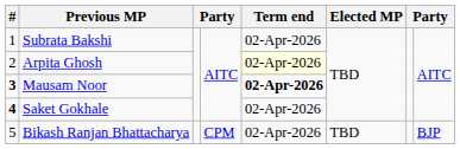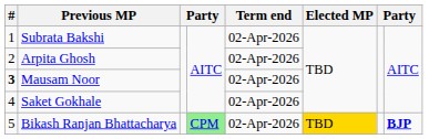 <table class="wikitable sortable">
 <tr>
 <th>#</th>
 <th>Previous MP</th>
 <th colspan="2">Party</th>
 <th>Term end</th>
 <th>Elected MP</th>
 <th colspan="2">Party</th>
 </tr>
 <tr>
 <td>1</td>
 <td><a href='#'>Subrata Bakshi</a></td>
 <td rowspan=4></td>
 <td rowspan=4><a href='#'>AITC</a></td>
 <td>02-Apr-2026</td>
 <td rowspan=4>TBD</td>
 <td rowspan=4></td>
 <td rowspan=4><a href='#'>AITC</a></td>
 </tr>
 <tr>
 <td>2</td>
 <td><a href='#'>Arpita Ghosh</a></td>
-<td style="background: lightyellow;">02-Apr-2026</td>
+<td>02-Apr-2026</td>
 </tr>
 <tr>
 <td><strong>3</strong></td>
 <td><a href='#'>Mausam Noor</a></td>
-<td><strong>02-Apr-2026</strong></td>
+<td>02-Apr-2026</td>
 </tr>
 <tr>
-<td><strong>4</strong></td>
+<td>4</td>
 <td><a href='#'>Saket Gokhale</a></td>
 <td>02-Apr-2026</td>
 </tr>
 <tr>
 <td>5</td>
 <td><a href='#'>Bikash Ranjan Bhattacharya</a></td>
 <td width="1px"></td>
-<td><a href='#'>CPM</a></td>
+<td style="background: lightgreen;"><a href='#'>CPM</a></td>
 <td>02-Apr-2026</td>
-<td rowspan=1>TBD</td>
+<td rowspan=1 style="background: gold;">TBD</td>
 <td width="1px"></td>
-<td><a href='#'>BJP</a></td>
+<td><strong><a href='#'>BJP</a></strong></td>
 </tr>
 </table>
